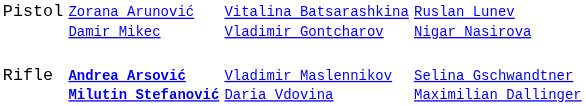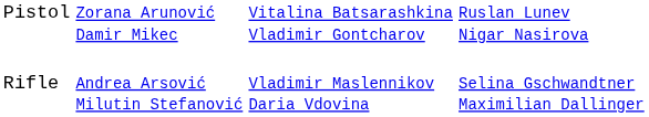 <table>
 <tr>
 <td>Pistol</td>
 <td><small><br><a href='#'>Zorana Arunović</a><br><a href='#'>Damir Mikec</a></small></td>
 <td><small><br><a href='#'>Vitalina Batsarashkina</a><br><a href='#'>Vladimir Gontcharov</a></small></td>
 <td><small><br><a href='#'>Ruslan Lunev</a><br><a href='#'>Nigar Nasirova</a></small></td>
 </tr>
 <tr>
 <td>Rifle</td>
-<td><strong><small><br><a href='#'>Andrea Arsović</a><br><a href='#'>Milutin Stefanović</a></small></strong></td>
+<td><small><br><a href='#'>Andrea Arsović</a><br><a href='#'>Milutin Stefanović</a></small></td>
 <td><small><br><a href='#'>Vladimir Maslennikov</a><br><a href='#'>Daria Vdovina</a></small></td>
 <td><small><br><a href='#'>Selina Gschwandtner</a><br><a href='#'>Maximilian Dallinger</a></small></td>
 </tr>
 </table>
